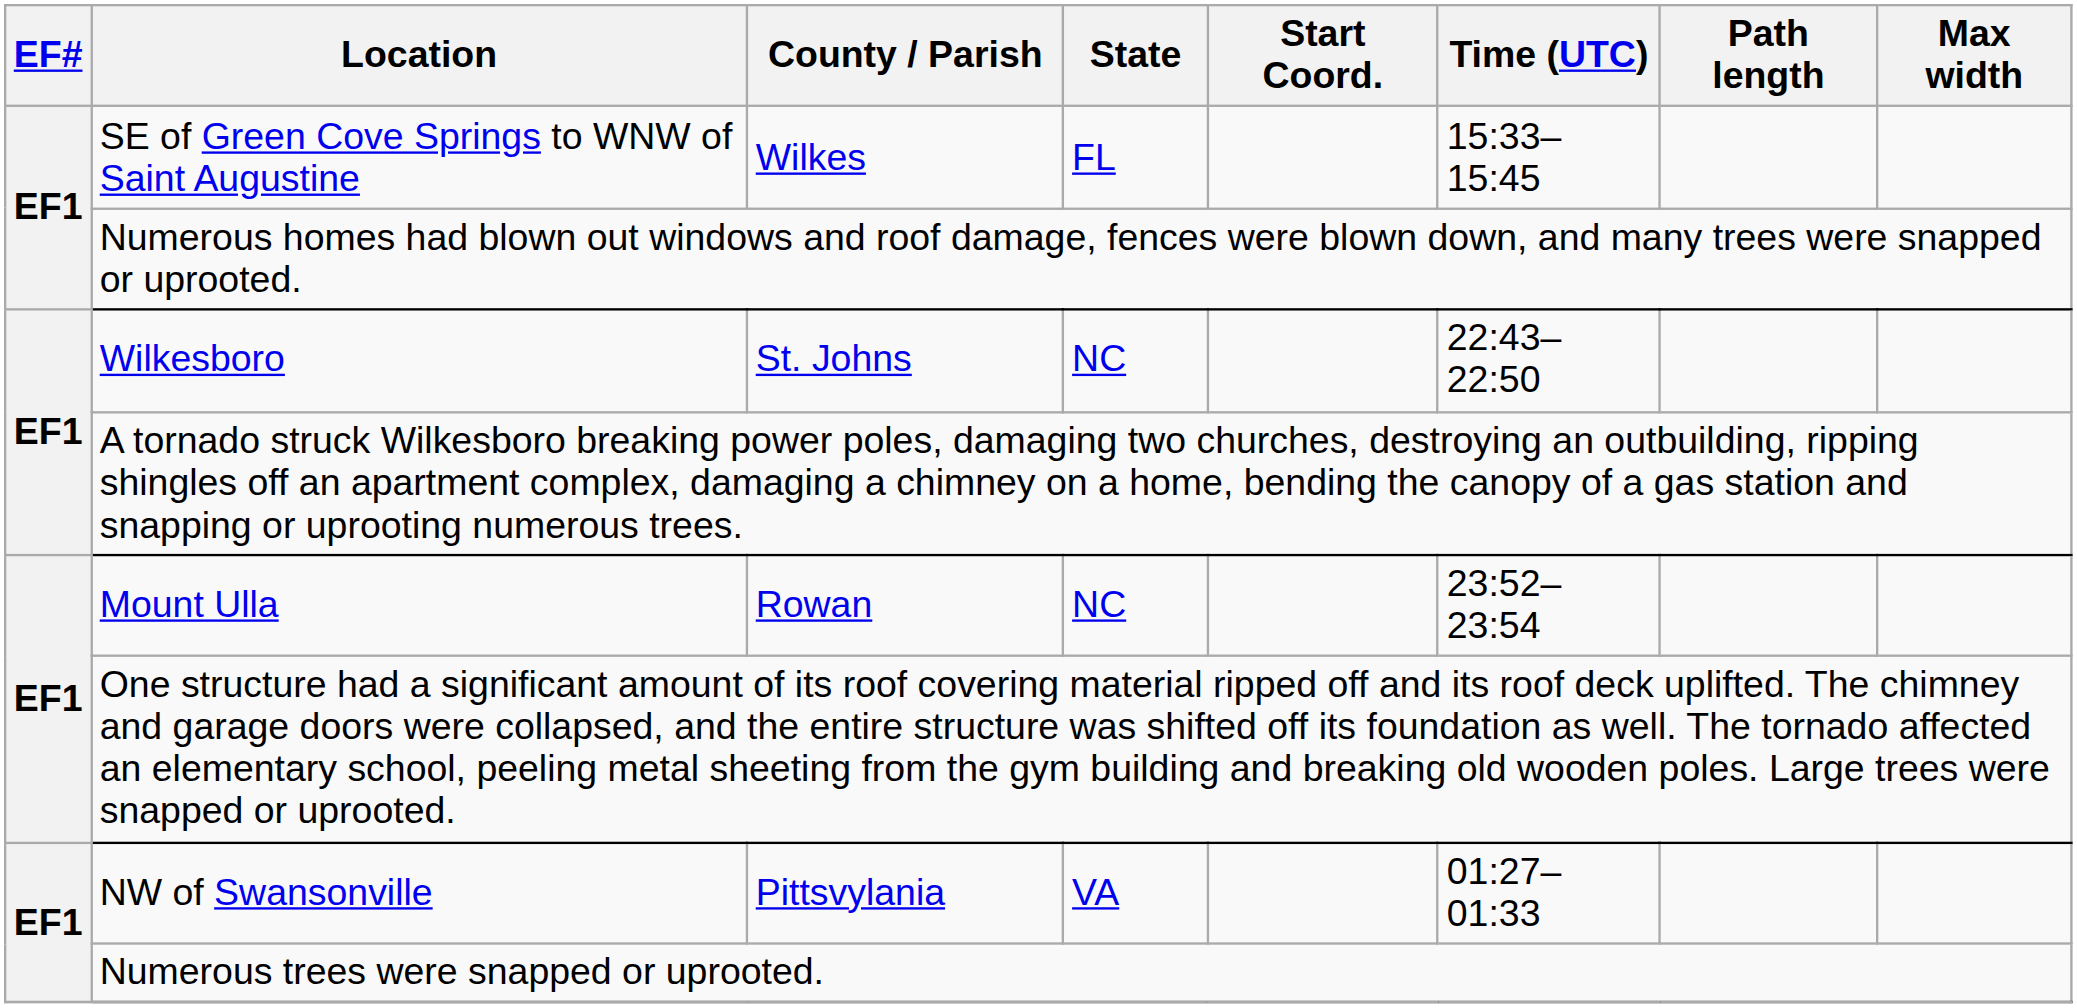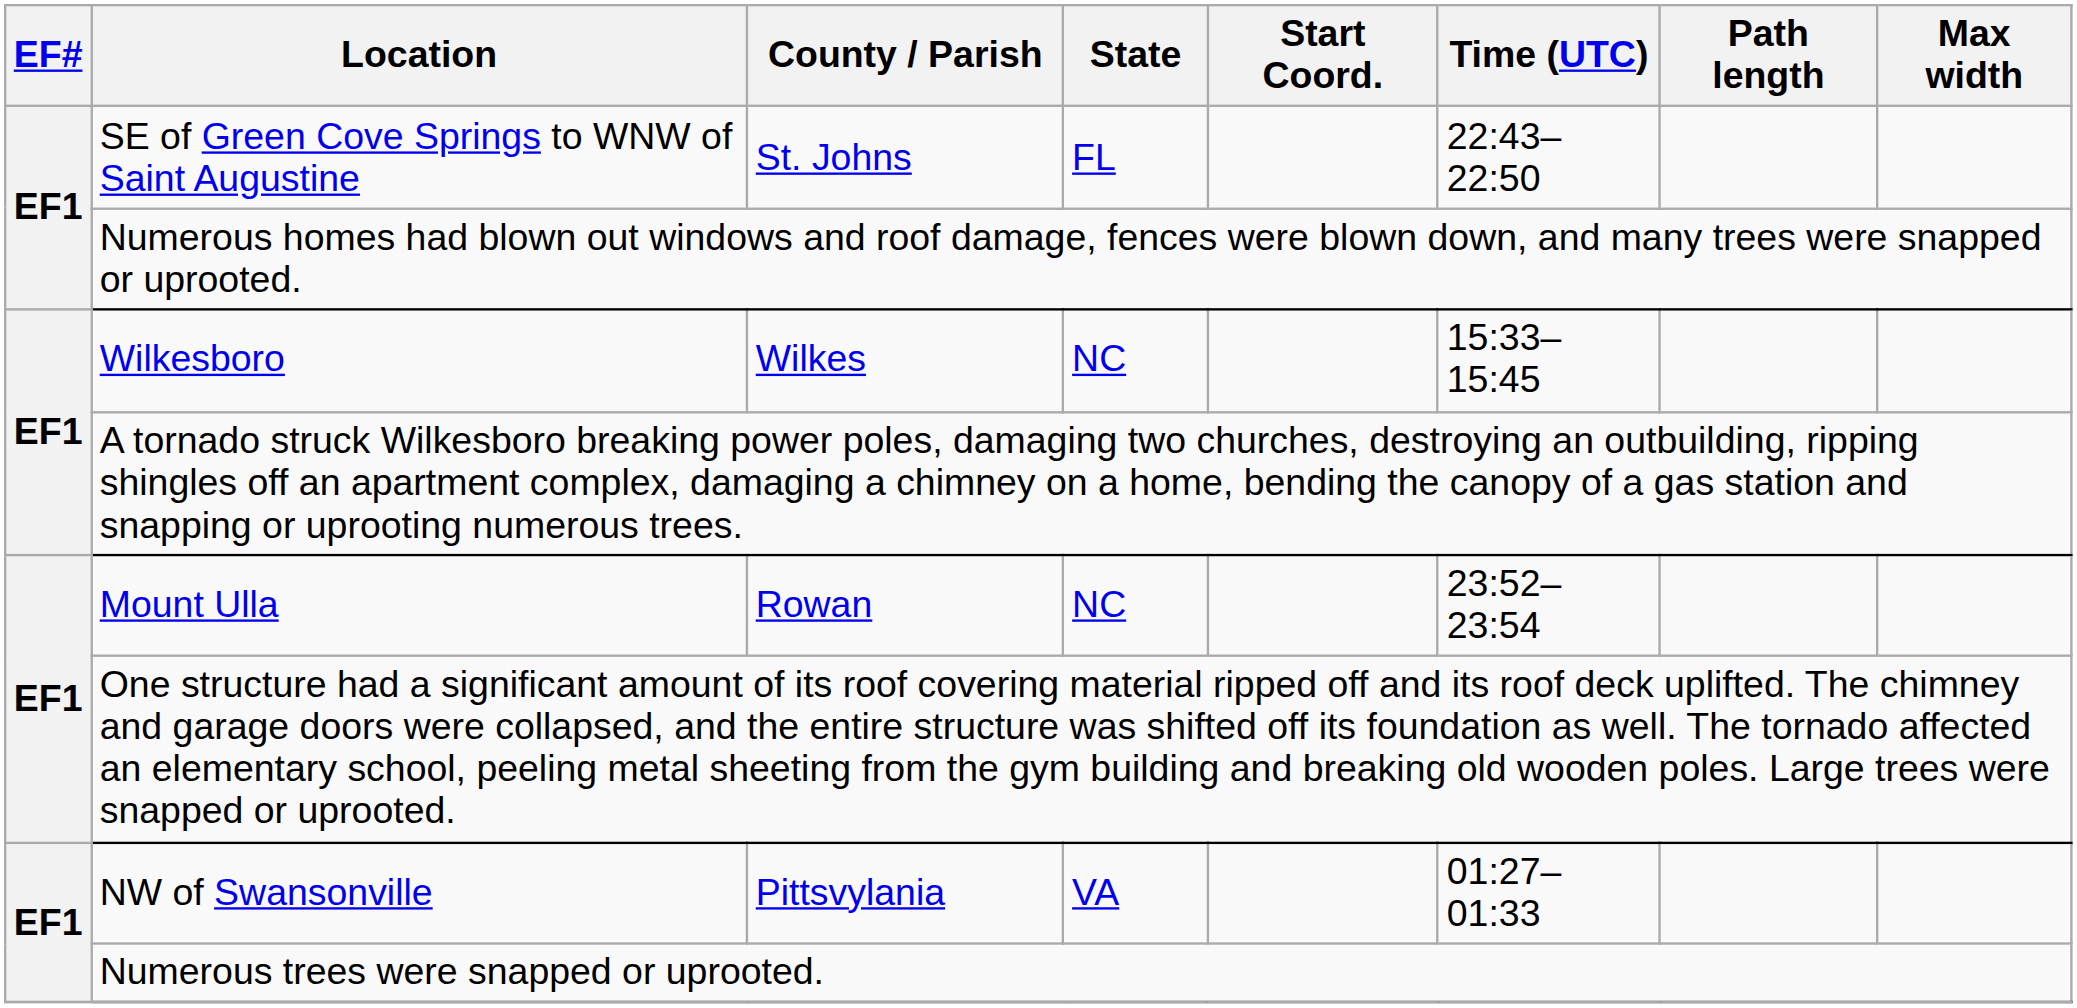 <table class="wikitable sortable" style="width:100%;">
 <tr>
 <th scope="col" width="2%" align="center"><a href='#'>EF#</a></th>
 <th scope="col" align="center" class="unsortable">Location</th>
 <th scope="col" align="center" class="unsortable">County / Parish</th>
 <th scope="col" align="center">State</th>
 <th scope="col" align="center">Start Coord.</th>
 <th scope="col" align="center">Time (<a href='#'>UTC</a>)</th>
 <th scope="col" align="center">Path length</th>
 <th scope="col" align="center">Max width</th>
 </tr>
 <tr>
 <th scope="row" rowspan="2" style="background-color:#">EF1</th>
 <td>SE of <a href='#'>Green Cove Springs</a> to WNW of <a href='#'>Saint Augustine</a></td>
-<td><a href='#'>Wilkes</a></td>
+<td><a href='#'>St. Johns</a></td>
 <td><a href='#'>FL</a></td>
 <td></td>
-<td>15:33–15:45</td>
+<td>22:43–22:50</td>
 <td></td>
 <td></td>
 </tr>
 <tr class="expand-child">
 <td colspan="8" style=" border-bottom: 1px solid black;">Numerous homes had blown out windows and roof damage, fences were blown down, and many trees were snapped or uprooted.</td>
 </tr>
 <tr>
 <th scope="row" rowspan="2" style="background-color:#">EF1</th>
 <td><a href='#'>Wilkesboro</a></td>
-<td><a href='#'>St. Johns</a></td>
+<td><a href='#'>Wilkes</a></td>
 <td><a href='#'>NC</a></td>
 <td></td>
-<td>22:43–22:50</td>
+<td>15:33–15:45</td>
 <td></td>
 <td></td>
 </tr>
 <tr class="expand-child">
 <td colspan="8" style=" border-bottom: 1px solid black;">A tornado struck Wilkesboro breaking power poles, damaging two churches, destroying an outbuilding, ripping shingles off an apartment complex, damaging a chimney on a home, bending the canopy of a gas station and snapping or uprooting numerous trees.</td>
 </tr>
 <tr>
 <th scope="row" rowspan="2" style="background-color:#">EF1</th>
 <td><a href='#'>Mount Ulla</a></td>
 <td><a href='#'>Rowan</a></td>
 <td><a href='#'>NC</a></td>
 <td></td>
 <td>23:52–23:54</td>
 <td></td>
 <td></td>
 </tr>
 <tr class="expand-child">
 <td colspan="8" style=" border-bottom: 1px solid black;">One structure had a significant amount of its roof covering material ripped off and its roof deck uplifted. The chimney and garage doors were collapsed, and the entire structure was shifted off its foundation as well. The tornado affected an elementary school, peeling metal sheeting from the gym building and breaking old wooden poles. Large trees were snapped or uprooted.</td>
 </tr>
 <tr>
 <th scope="row" rowspan="2" style="background-color:#">EF1</th>
 <td>NW of <a href='#'>Swansonville</a></td>
 <td><a href='#'>Pittsvylania</a></td>
 <td><a href='#'>VA</a></td>
 <td></td>
 <td>01:27–01:33</td>
 <td></td>
 <td></td>
 </tr>
 <tr class="expand-child">
 <td colspan="8" style=" border-bottom: 1px solid black;">Numerous trees were snapped or uprooted.</td>
 </tr>
 <tr>
 </tr>
 </table>
